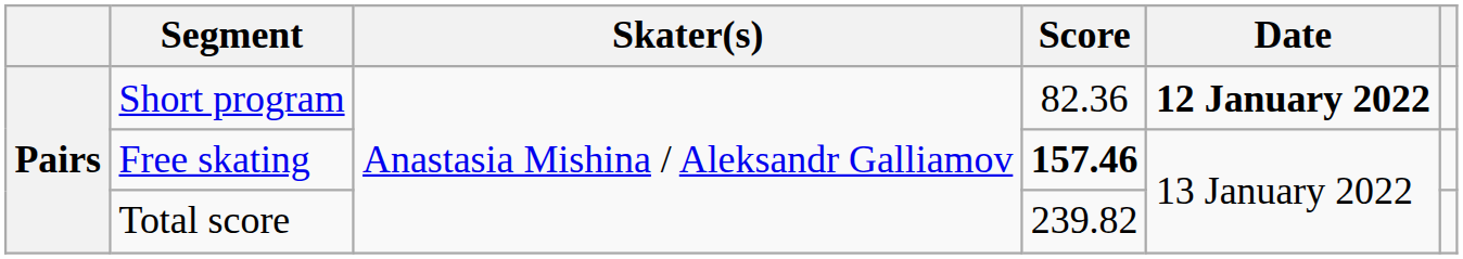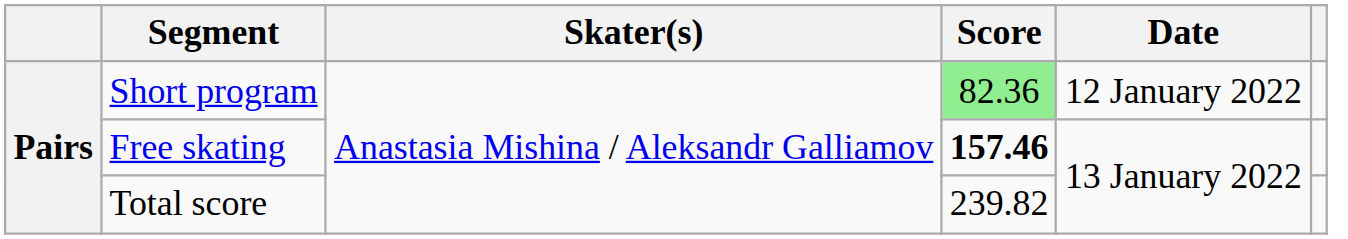 <table class="wikitable unsortable" style="text-align:left">
 <tr>
 <th scope="col"></th>
 <th scope="col">Segment</th>
 <th scope="col">Skater(s)</th>
 <th scope="col">Score</th>
 <th scope="col">Date</th>
 <th scope="col"></th>
 </tr>
 <tr>
 <th rowspan="3" style="text-align:left" scope="row">Pairs</th>
 <td><a href='#'>Short program</a></td>
 <td rowspan="3"> <a href='#'>Anastasia Mishina</a> / <a href='#'>Aleksandr Galliamov</a></td>
-<td align=center>82.36</td>
-<td><strong>12 January 2022</strong></td>
+<td align=center style="background: lightgreen;">82.36</td>
+<td>12 January 2022</td>
 <td></td>
 </tr>
 <tr>
 <td><a href='#'>Free skating</a></td>
 <td align="center"><strong>157.46</strong></td>
 <td rowspan="2">13 January 2022</td>
 <td></td>
 </tr>
 <tr>
 <td>Total score</td>
 <td align="center">239.82</td>
 <td></td>
 </tr>
 </table>
